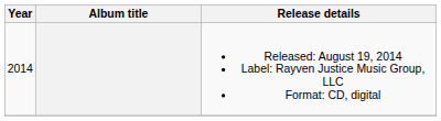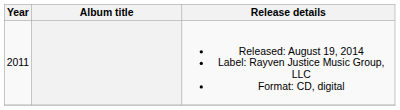 <table class="wikitable plainrowheaders" style="text-align:center;">
 <tr>
 <th>Year</th>
 <th scope="col" rowspan="1" style="width:14em;">Album title</th>
 <th scope="col" rowspan="1" style="width:20em;">Release details</th>
 </tr>
 <tr>
-<td>2014</td>
+<td>2011</td>
 <th></th>
 <td><br><ul><li>Released: August 19, 2014</li><li>Label: Rayven Justice Music Group, LLC</li><li>Format: CD, digital</li></ul></td>
 </tr>
 <tr>
 </tr>
 </table>
